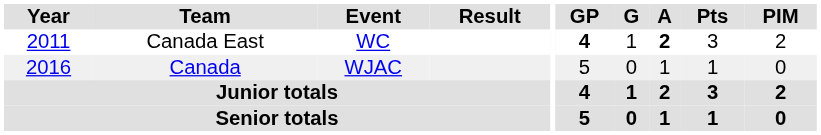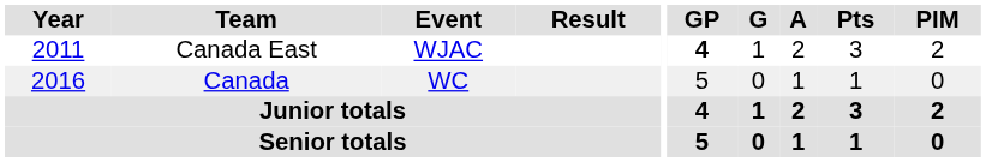 <table border="0" cellpadding="1" cellspacing="0" ID="Table3" style="text-align:center; width:40em;">
 <tr bgcolor="#e0e0e0">
 <th>Year</th>
 <th>Team</th>
 <th>Event</th>
 <th>Result</th>
 <th rowspan="99" bgcolor="#ffffff"></th>
 <th>GP</th>
 <th>G</th>
 <th>A</th>
 <th>Pts</th>
 <th>PIM</th>
 </tr>
 <tr>
 <td><a href='#'>2011</a></td>
 <td>Canada East</td>
-<td><a href='#'>WC</a></td>
+<td><a href='#'>WJAC</a></td>
 <td></td>
 <td><strong>4</strong></td>
 <td>1</td>
-<td><strong>2</strong></td>
+<td>2</td>
 <td>3</td>
 <td>2</td>
 </tr>
 <tr bgcolor="#f0f0f0">
 <td><a href='#'>2016</a></td>
 <td><a href='#'>Canada</a></td>
-<td><a href='#'>WJAC</a></td>
+<td><a href='#'>WC</a></td>
 <td></td>
 <td>5</td>
 <td>0</td>
 <td>1</td>
 <td>1</td>
 <td>0</td>
 </tr>
 <tr bgcolor="#e0e0e0">
 <th colspan="4">Junior totals</th>
 <th>4</th>
 <th>1</th>
 <th>2</th>
 <th>3</th>
 <th>2</th>
 </tr>
 <tr bgcolor="#e0e0e0">
 <th colspan="4">Senior totals</th>
 <th>5</th>
 <th>0</th>
 <th>1</th>
 <th>1</th>
 <th>0</th>
 </tr>
 </table>
